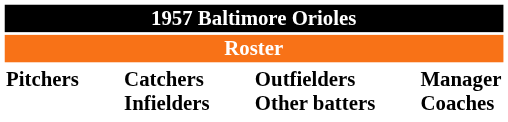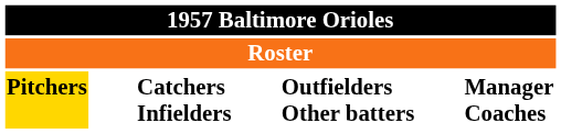 <table class="toccolours" style="font-size: 95%;">
 <tr>
 <th colspan="10" style="background-color: black; color: white; text-align: center;">1957 Baltimore Orioles</th>
 </tr>
 <tr>
 <td colspan="10" style="background-color: #F87217; color: white; text-align: center;"><strong>Roster</strong></td>
 </tr>
 <tr>
-<td valign="top"><strong>Pitchers</strong><br>                </td>
+<td valign="top" style="background: gold;"><strong>Pitchers</strong><br>                </td>
 <td width="25px"></td>
 <td valign="top"><strong>Catchers</strong><br>    <strong>Infielders</strong>          </td>
 <td width="25px"></td>
 <td valign="top"><strong>Outfielders</strong><br>          <strong>Other batters</strong>  </td>
 <td width="25px"></td>
 <td valign="top"><strong>Manager</strong><br> <strong>Coaches</strong>     </td>
 </tr>
 <tr>
 </tr>
 </table>
